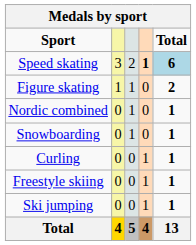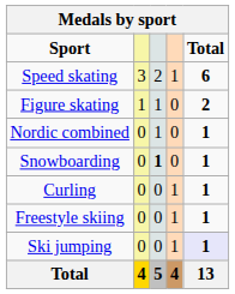 <table class="wikitable" style="font-size:95%;float:right;clear:right;">
 <tr style="background:#efefef;">
 <th colspan=5>Medals by sport</th>
 </tr>
 <tr align=center>
 <td><strong>Sport</strong></td>
 <td bgcolor=#f7f6a8></td>
 <td bgcolor=#dce5e5></td>
 <td bgcolor=#ffdab9></td>
 <td><strong>Total</strong></td>
 </tr>
 <tr align=center>
 <td><a href='#'>Speed skating</a></td>
 <td style="background:#F7F6A8;">3</td>
 <td style="background:#DCE5E5;">2</td>
-<td style="background:#FFDAB9;"><strong>1</strong></td>
-<td style="background: lightblue;"><strong>6</strong></td>
+<td style="background:#FFDAB9;">1</td>
+<td><strong>6</strong></td>
 </tr>
 <tr align=center>
 <td><a href='#'>Figure skating</a></td>
 <td style="background:#F7F6A8;">1</td>
 <td style="background:#DCE5E5;">1</td>
 <td style="background:#FFDAB9;">0</td>
 <td><strong>2</strong></td>
 </tr>
 <tr align=center>
 <td><a href='#'>Nordic combined</a></td>
 <td style="background:#F7F6A8;">0</td>
 <td style="background:#DCE5E5;">1</td>
 <td style="background:#FFDAB9;">0</td>
 <td><strong>1</strong></td>
 </tr>
 <tr align=center>
 <td><a href='#'>Snowboarding</a></td>
 <td style="background:#F7F6A8;">0</td>
-<td style="background:#DCE5E5;">1</td>
+<td style="background:#DCE5E5;"><strong>1</strong></td>
 <td style="background:#FFDAB9;">0</td>
 <td><strong>1</strong></td>
 </tr>
 <tr align=center>
 <td><a href='#'>Curling</a></td>
 <td style="background:#F7F6A8;">0</td>
 <td style="background:#DCE5E5;">0</td>
 <td style="background:#FFDAB9;">1</td>
 <td><strong>1</strong></td>
 </tr>
 <tr align=center>
 <td><a href='#'>Freestyle skiing</a></td>
 <td style="background:#F7F6A8;">0</td>
 <td style="background:#DCE5E5;">0</td>
 <td style="background:#FFDAB9;">1</td>
 <td><strong>1</strong></td>
 </tr>
 <tr align=center>
 <td><a href='#'>Ski jumping</a></td>
 <td style="background:#F7F6A8;">0</td>
 <td style="background:#DCE5E5;">0</td>
 <td style="background:#FFDAB9;">1</td>
-<td><strong>1</strong></td>
+<td style="background: lavender;"><strong>1</strong></td>
 </tr>
 <tr align=center>
 <th>Total</th>
 <th style="background:gold;">4</th>
 <th style="background:silver;">5</th>
 <th style="background:#c96;">4</th>
 <th>13</th>
 </tr>
 </table>
